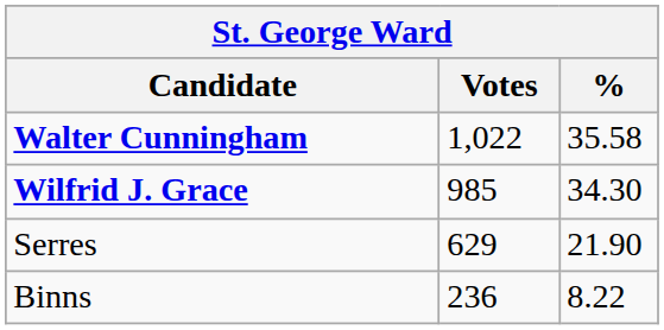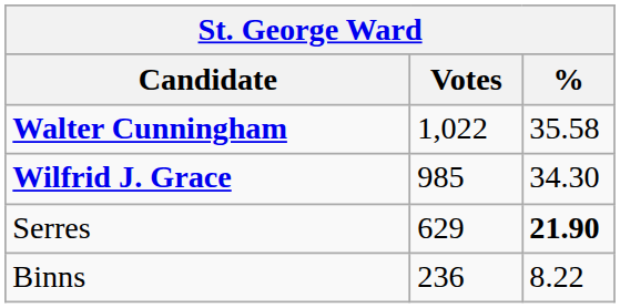 <table class="wikitable">
 <tr>
 <th colspan="3"><a href='#'>St. George Ward</a></th>
 </tr>
 <tr>
 <th style="width: 200px">Candidate</th>
 <th style="width: 50px">Votes</th>
 <th style="width: 40px">%</th>
 </tr>
 <tr>
 <td><strong><a href='#'>Walter Cunningham</a></strong></td>
 <td>1,022</td>
 <td>35.58</td>
 </tr>
 <tr>
 <td><strong><a href='#'>Wilfrid J. Grace</a></strong></td>
 <td>985</td>
 <td>34.30</td>
 </tr>
 <tr>
 <td>Serres</td>
 <td>629</td>
-<td>21.90</td>
+<td><strong>21.90</strong></td>
 </tr>
 <tr>
 <td>Binns</td>
 <td>236</td>
 <td>8.22</td>
 </tr>
 </table>
